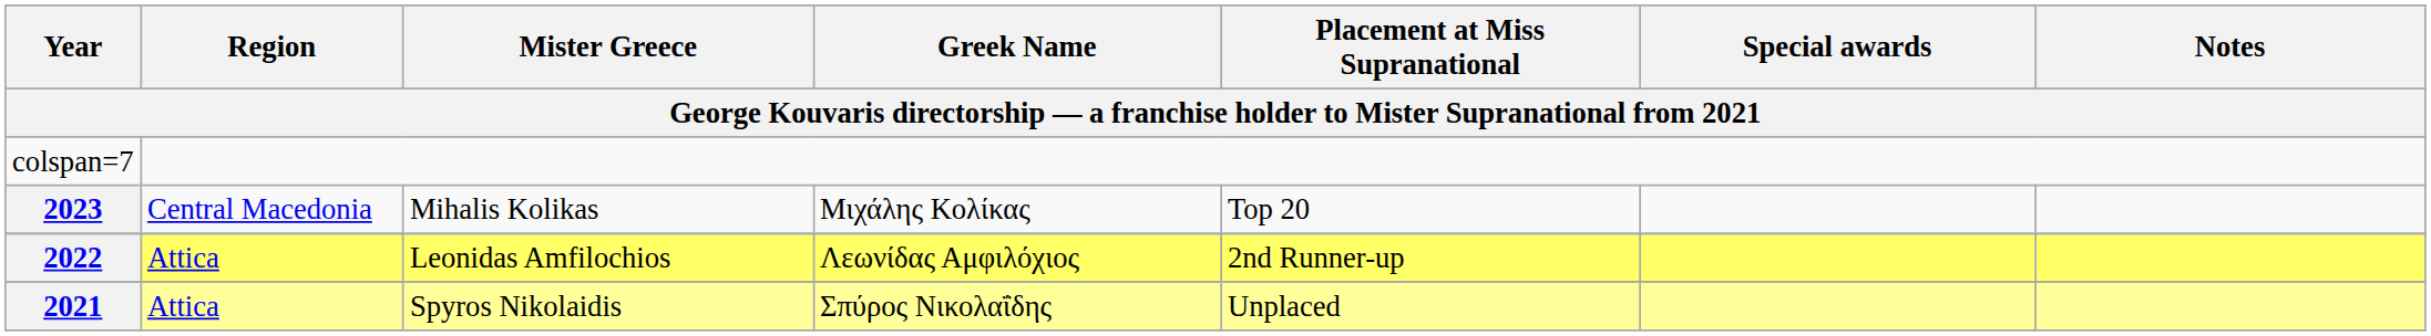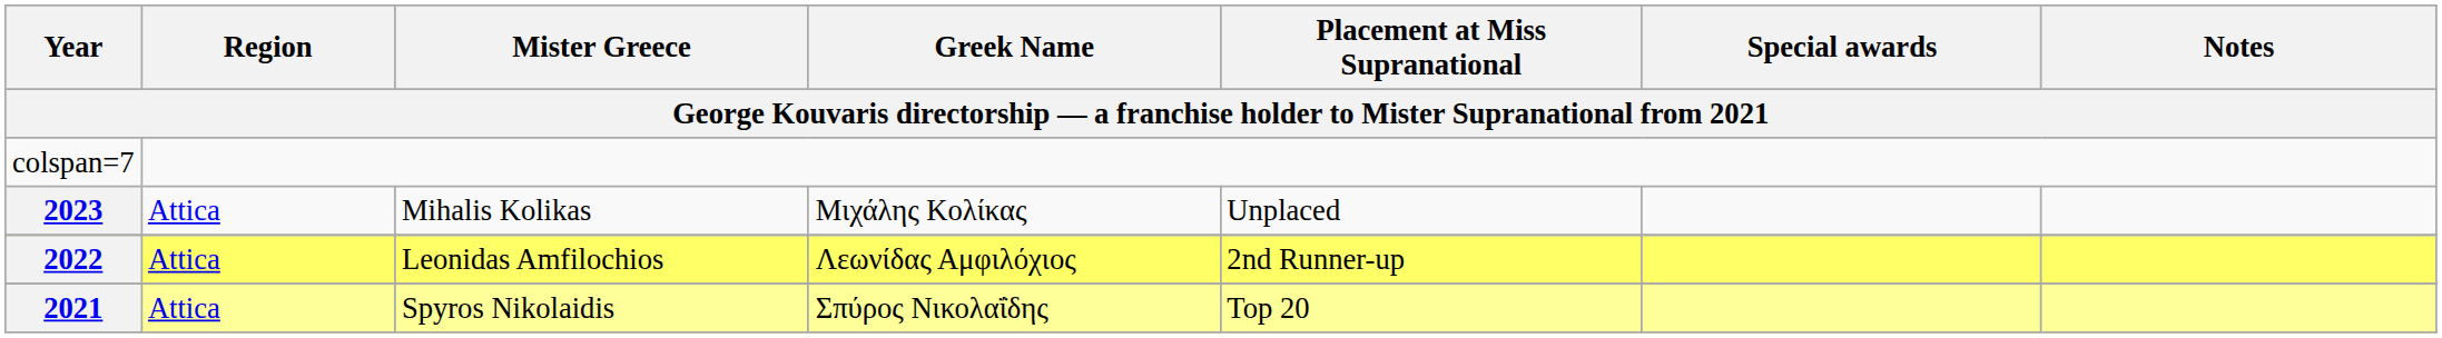 <table class="wikitable " style="font-size: 95%;">
 <tr>
 <th width="60">Year</th>
 <th width="150">Region</th>
 <th width="250">Mister Greece</th>
 <th width="250">Greek Name</th>
 <th width="250">Placement at Miss Supranational</th>
 <th width="250">Special awards</th>
 <th width="250">Notes</th>
 </tr>
 <tr>
 <th colspan="7">George Kouvaris directorship — a franchise holder to Mister Supranational from 2021</th>
 </tr>
 <tr>
 <td>colspan=7 </td>
 </tr>
 <tr>
 <th><a href='#'>2023</a></th>
-<td><a href='#'>Central Macedonia</a></td>
+<td><a href='#'>Attica</a></td>
 <td>Mihalis Kolikas</td>
 <td>Μιχάλης Κολίκας</td>
-<td>Top 20</td>
+<td>Unplaced</td>
 <td></td>
 <td></td>
 </tr>
 <tr>
 </tr>
 <tr style="background-color:#FFFF66;">
 <th><a href='#'>2022</a></th>
 <td><a href='#'>Attica</a></td>
 <td>Leonidas Amfilochios</td>
 <td>Λεωνίδας Αμφιλόχιος</td>
 <td>2nd Runner-up</td>
 <td></td>
 <td></td>
 </tr>
 <tr>
 </tr>
 <tr style="background-color:#FFFF99; ">
 <th><a href='#'>2021</a></th>
 <td><a href='#'>Attica</a></td>
 <td>Spyros Nikolaidis</td>
 <td>Σπύρος Νικολαΐδης</td>
-<td>Unplaced</td>
+<td>Top 20</td>
 <td></td>
 <td></td>
 </tr>
 </table>
